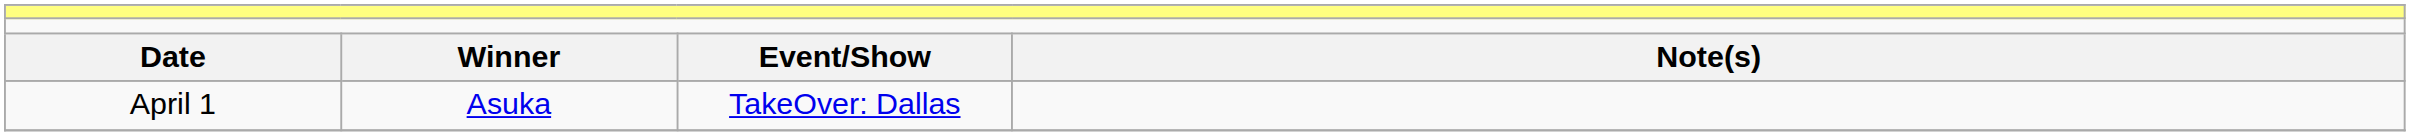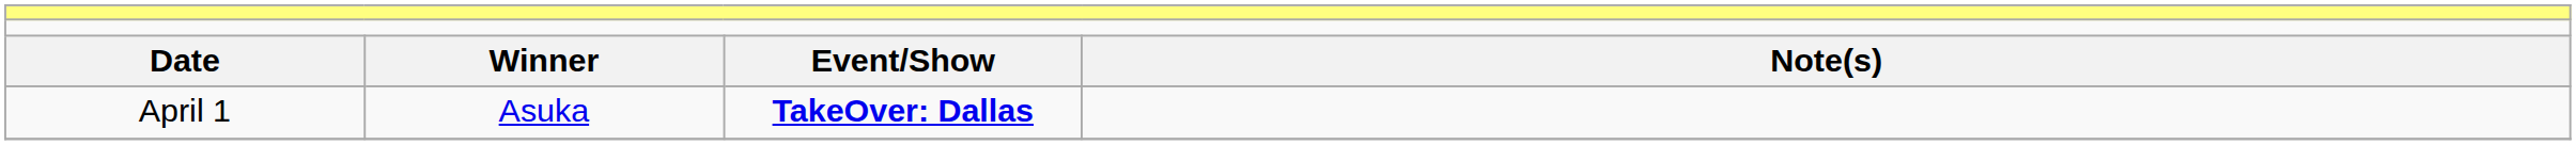 <table class="wikitable" style="text-align:center; width:100%;">
 <tr style="background:#FFFF80;">
 <td colspan="5"></td>
 </tr>
 <tr>
 <td colspan="5"><strong></strong></td>
 </tr>
 <tr>
 <th width=14%>Date</th>
 <th width=14%>Winner</th>
 <th width=14%>Event/Show</th>
 <th width=58%>Note(s)</th>
 </tr>
 <tr>
 <td>April 1</td>
 <td><a href='#'>Asuka</a></td>
-<td><a href='#'>TakeOver: Dallas</a></td>
+<td><strong><a href='#'>TakeOver: Dallas</a></strong></td>
 <td></td>
 </tr>
 <tr>
 </tr>
 </table>
